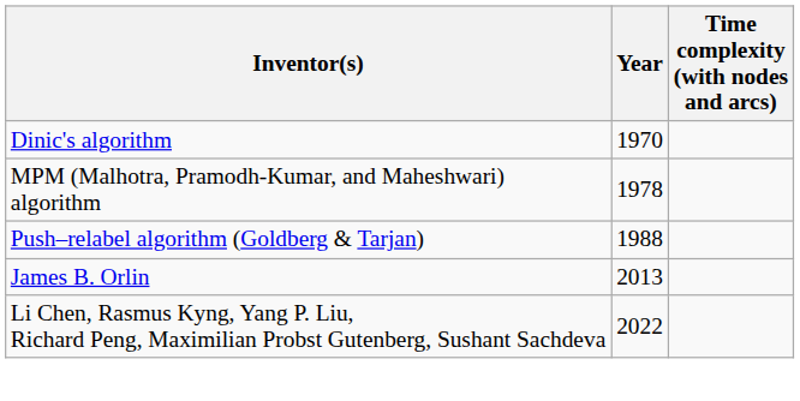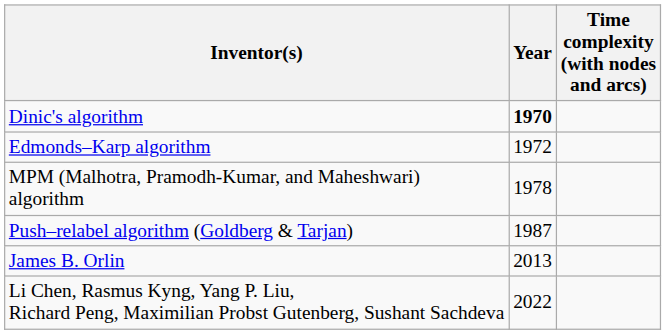 <table class="wikitable" style="height: 200px;" align="right">
 <tr>
 <th>Inventor(s)</th>
 <th>Year</th>
 <th>Time<br>complexity<br>(with  nodes<br>and  arcs)</th>
 </tr>
 <tr>
 <td><a href='#'>Dinic's algorithm</a></td>
-<td>1970</td>
+<td><strong>1970</strong></td>
+<td></td>
+</tr>
+<tr>
+<td><a href='#'>Edmonds–Karp algorithm</a></td>
+<td>1972</td>
 <td></td>
 </tr>
 <tr>
 <td>MPM (Malhotra, Pramodh-Kumar, and Maheshwari)<br>algorithm</td>
 <td>1978</td>
 <td></td>
 </tr>
 <tr>
 <td><a href='#'>Push–relabel algorithm</a> (<a href='#'>Goldberg</a> & <a href='#'>Tarjan</a>)</td>
-<td>1988</td>
+<td>1987</td>
 <td></td>
 </tr>
 <tr>
 <td><a href='#'>James B. Orlin</a></td>
 <td>2013</td>
 <td></td>
 </tr>
 <tr>
 <td>Li Chen, Rasmus Kyng, Yang P. Liu,<br>Richard Peng, Maximilian Probst Gutenberg, Sushant Sachdeva</td>
 <td>2022</td>
 <td></td>
 </tr>
 </table>
